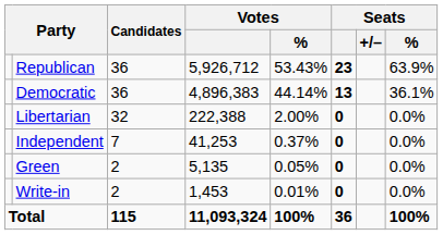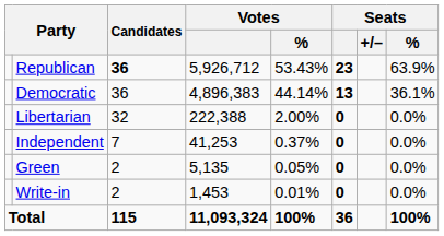 <table class="wikitable" style="font-size: 95%;">
 <tr>
 <th colspan="2" rowspan="2">Party</th>
 <th rowspan="2"><small>Candi</small><small>dates</small></th>
 <th colspan="2">Votes</th>
 <th colspan="3">Seats</th>
 </tr>
 <tr>
 <th></th>
 <th>%</th>
 <th></th>
 <th>+/–</th>
 <th>%</th>
 </tr>
 <tr>
 <td style="background:"></td>
 <td align=left><a href='#'>Republican</a></td>
-<td>36</td>
+<td><strong>36</strong></td>
 <td>5,926,712</td>
 <td>53.43%</td>
 <td><strong>23</strong></td>
 <td></td>
 <td>63.9%</td>
 </tr>
 <tr>
 <td style="background:"></td>
 <td align=left><a href='#'>Democratic</a></td>
 <td>36</td>
 <td>4,896,383</td>
 <td>44.14%</td>
 <td><strong>13</strong></td>
 <td></td>
 <td>36.1%</td>
 </tr>
 <tr>
 <td style="background:"></td>
 <td align=left><a href='#'>Libertarian</a></td>
 <td>32</td>
 <td>222,388</td>
 <td>2.00%</td>
 <td><strong>0</strong></td>
 <td></td>
 <td>0.0%</td>
 </tr>
 <tr>
 <td style="background:"></td>
 <td align=left><a href='#'>Independent</a></td>
 <td>7</td>
 <td>41,253</td>
 <td>0.37%</td>
 <td><strong>0</strong></td>
 <td></td>
 <td>0.0%</td>
 </tr>
 <tr>
 <td style="background:"></td>
 <td align=left><a href='#'>Green</a></td>
 <td>2</td>
 <td>5,135</td>
 <td>0.05%</td>
 <td><strong>0</strong></td>
 <td></td>
 <td>0.0%</td>
 </tr>
 <tr>
 <td style="background:"></td>
 <td align=left><a href='#'>Write-in</a></td>
 <td>2</td>
 <td>1,453</td>
 <td>0.01%</td>
 <td><strong>0</strong></td>
 <td></td>
 <td>0.0%</td>
 </tr>
 <tr style="font-weight:bold">
 <td colspan=2 align=left>Total</td>
 <td>115</td>
 <td>11,093,324</td>
 <td>100%</td>
 <td>36</td>
 <td></td>
 <td>100%</td>
 </tr>
 </table>
